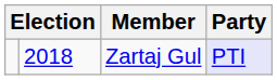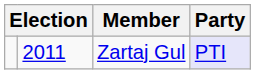 <table class="wikitable">
 <tr>
 <th colspan="2">Election</th>
 <th>Member</th>
 <th>Party</th>
 </tr>
 <tr>
 <td style="background-color: "></td>
-<td><a href='#'>2018</a></td>
+<td><a href='#'>2011</a></td>
 <td><a href='#'>Zartaj Gul</a></td>
 <td style="background: lavender;"><a href='#'>PTI</a></td>
 </tr>
 </table>
